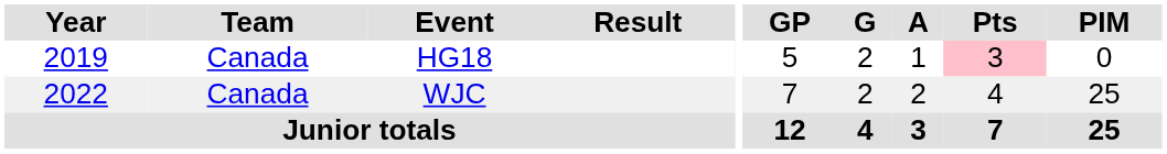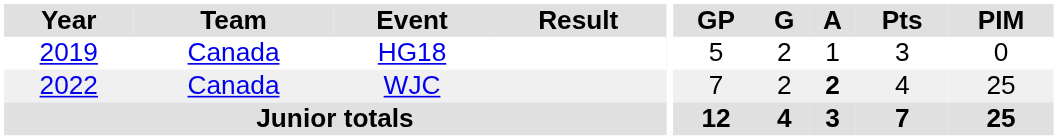 <table border="0" cellpadding="1" cellspacing="0" ID="Table3" style="text-align:center; width:40em;">
 <tr bgcolor="#e0e0e0">
 <th>Year</th>
 <th>Team</th>
 <th>Event</th>
 <th>Result</th>
 <th rowspan="99" bgcolor="#ffffff"></th>
 <th>GP</th>
 <th>G</th>
 <th>A</th>
 <th>Pts</th>
 <th>PIM</th>
 </tr>
 <tr>
 <td><a href='#'>2019</a></td>
 <td><a href='#'>Canada</a></td>
 <td><a href='#'>HG18</a></td>
 <td></td>
 <td>5</td>
 <td>2</td>
 <td>1</td>
-<td style="background: pink;">3</td>
+<td>3</td>
 <td>0</td>
 </tr>
 <tr bgcolor="#f0f0f0">
 <td><a href='#'>2022</a></td>
 <td><a href='#'>Canada</a></td>
 <td><a href='#'>WJC</a></td>
 <td></td>
 <td>7</td>
 <td>2</td>
-<td>2</td>
+<td><strong>2</strong></td>
 <td>4</td>
 <td>25</td>
 </tr>
 <tr bgcolor="#e0e0e0">
 <th colspan="4">Junior totals</th>
 <th>12</th>
 <th>4</th>
 <th>3</th>
 <th>7</th>
 <th>25</th>
 </tr>
 </table>
